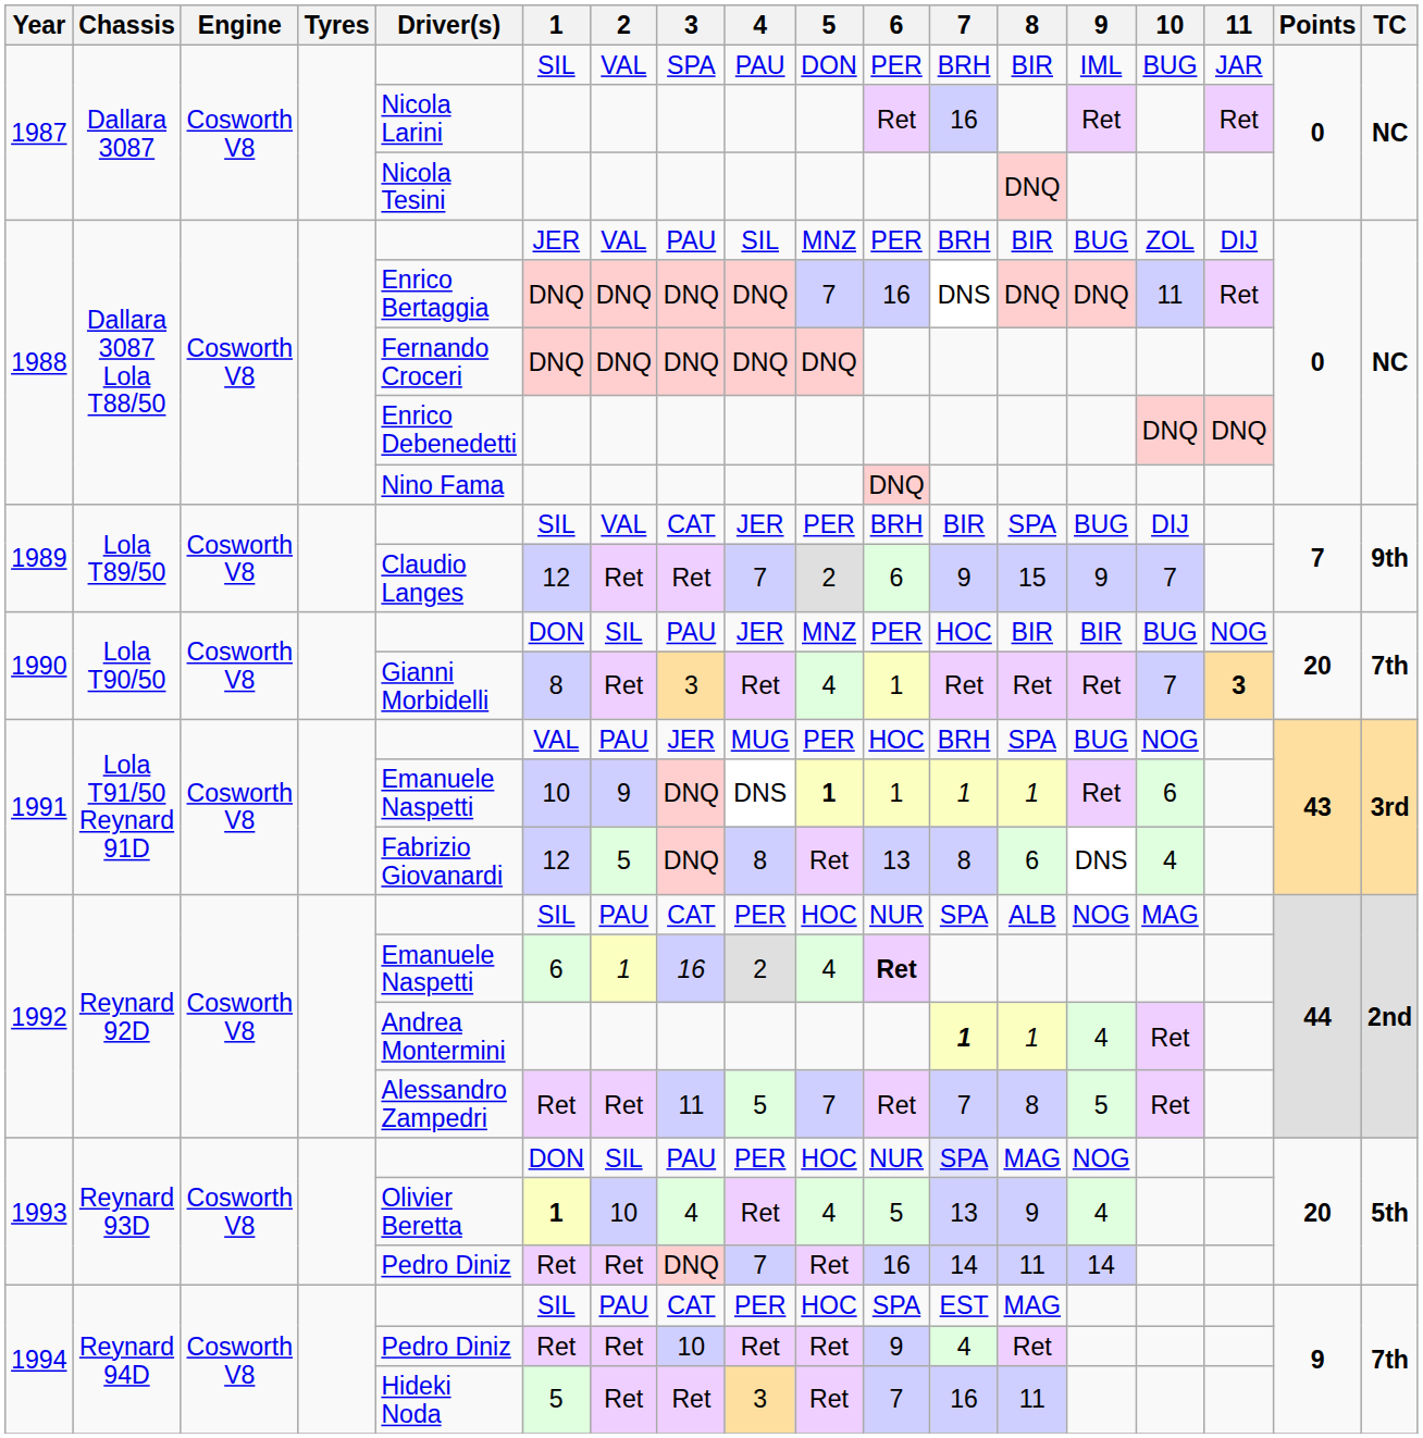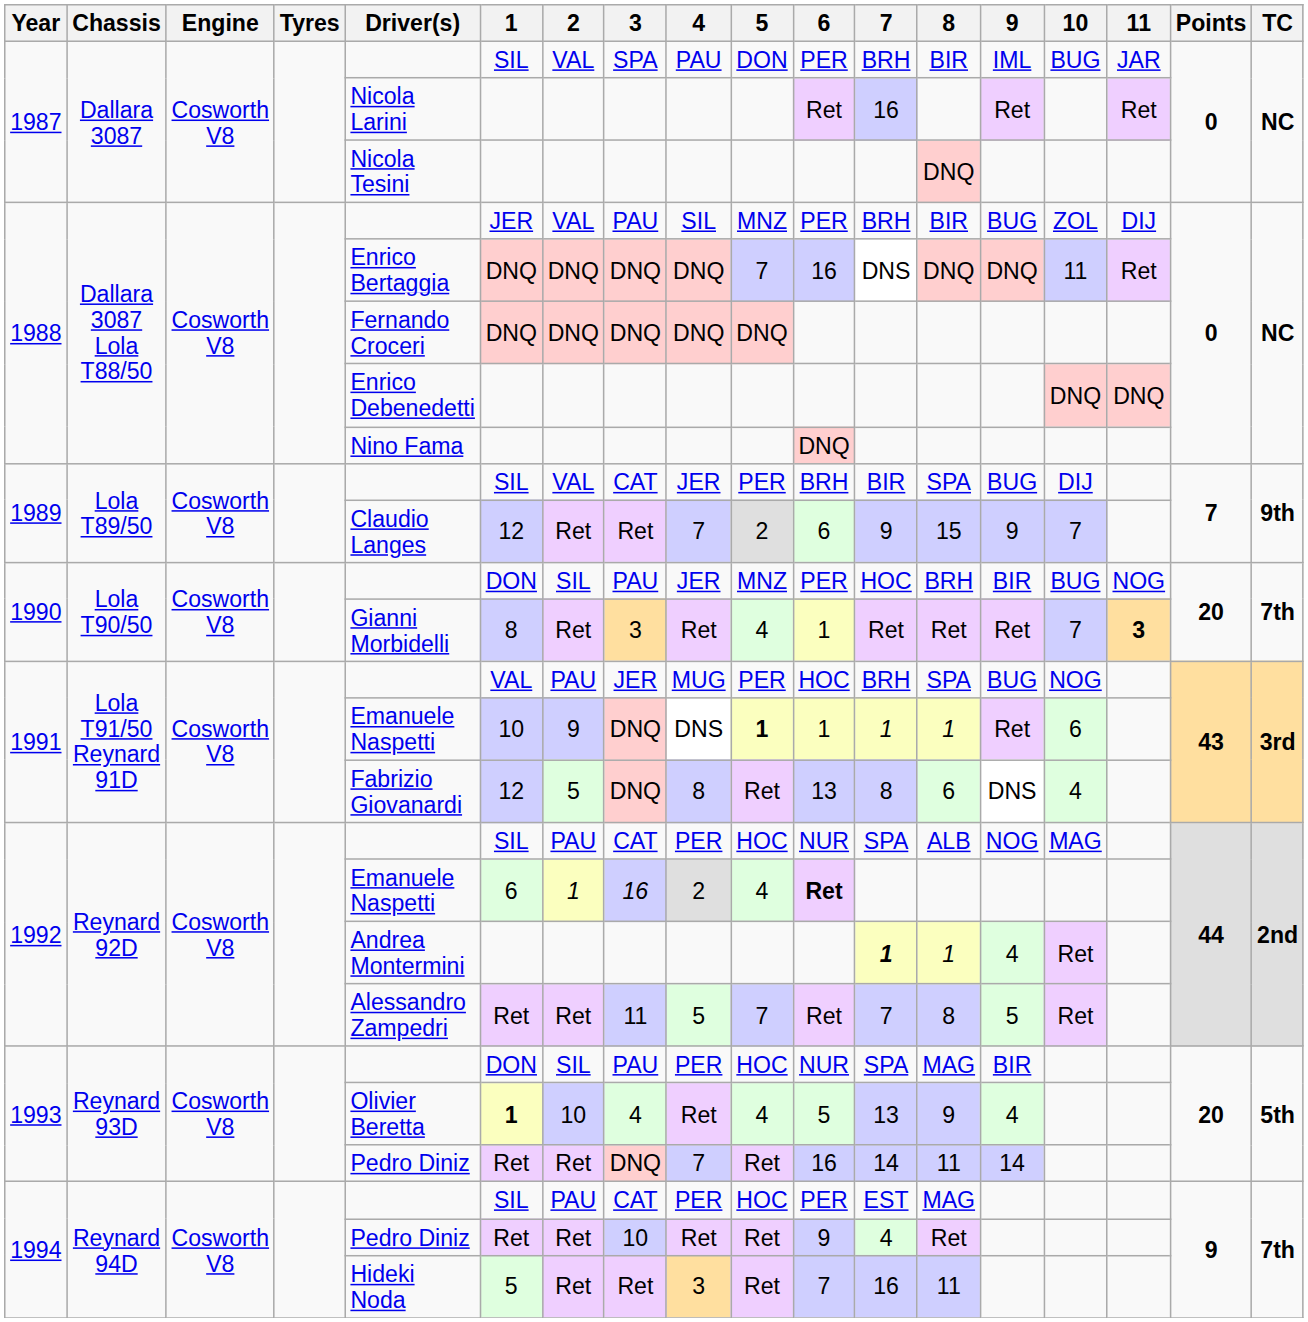 <table class="wikitable" style="text-align:center; font-size:95%">
 <tr>
 <th>Year</th>
 <th>Chassis</th>
 <th>Engine</th>
 <th>Tyres</th>
 <th>Driver(s)</th>
 <th>1</th>
 <th>2</th>
 <th>3</th>
 <th>4</th>
 <th>5</th>
 <th>6</th>
 <th>7</th>
 <th>8</th>
 <th>9</th>
 <th>10</th>
 <th>11</th>
 <th>Points</th>
 <th>TC</th>
 </tr>
 <tr>
 <td rowspan="3"><a href='#'>1987</a></td>
 <td rowspan="3"><a href='#'>Dallara 3087</a></td>
 <td rowspan="3"><a href='#'>Cosworth</a> <a href='#'>V8</a></td>
 <td rowspan="3"></td>
 <td></td>
 <td><a href='#'>SIL</a></td>
 <td><a href='#'>VAL</a></td>
 <td><a href='#'>SPA</a></td>
 <td><a href='#'>PAU</a></td>
 <td><a href='#'>DON</a></td>
 <td><a href='#'>PER</a></td>
 <td><a href='#'>BRH</a></td>
 <td><a href='#'>BIR</a></td>
 <td><a href='#'>IML</a></td>
 <td><a href='#'>BUG</a></td>
 <td><a href='#'>JAR</a></td>
 <td rowspan="3"><strong>0</strong></td>
 <td rowspan="3"><strong>NC</strong></td>
 </tr>
 <tr>
 <td align="left"> <a href='#'>Nicola Larini</a></td>
 <td></td>
 <td></td>
 <td></td>
 <td></td>
 <td></td>
 <td style="background:#EFCFFF;">Ret</td>
 <td style="background:#CFCFFF;">16</td>
 <td></td>
 <td style="background:#EFCFFF;">Ret</td>
 <td></td>
 <td style="background:#EFCFFF;">Ret</td>
 </tr>
 <tr>
 <td align="left"> <a href='#'>Nicola Tesini</a></td>
 <td></td>
 <td></td>
 <td></td>
 <td></td>
 <td></td>
 <td></td>
 <td></td>
 <td style="background:#FFCFCF;">DNQ</td>
 <td></td>
 <td></td>
 <td></td>
 </tr>
 <tr>
 <td rowspan="5"><a href='#'>1988</a></td>
 <td rowspan="5"><a href='#'>Dallara 3087</a><br><a href='#'>Lola T88/50</a></td>
 <td rowspan="5"><a href='#'>Cosworth</a> <a href='#'>V8</a></td>
 <td rowspan="5"></td>
 <td></td>
 <td><a href='#'>JER</a></td>
 <td><a href='#'>VAL</a></td>
 <td><a href='#'>PAU</a></td>
 <td><a href='#'>SIL</a></td>
 <td><a href='#'>MNZ</a></td>
 <td><a href='#'>PER</a></td>
 <td><a href='#'>BRH</a></td>
 <td><a href='#'>BIR</a></td>
 <td><a href='#'>BUG</a></td>
 <td><a href='#'>ZOL</a></td>
 <td><a href='#'>DIJ</a></td>
 <td rowspan="5"><strong>0</strong></td>
 <td rowspan="5"><strong>NC</strong></td>
 </tr>
 <tr>
 <td align="left"> <a href='#'>Enrico Bertaggia</a></td>
 <td style="background:#FFCFCF;">DNQ</td>
 <td style="background:#FFCFCF;">DNQ</td>
 <td style="background:#FFCFCF;">DNQ</td>
 <td style="background:#FFCFCF;">DNQ</td>
 <td style="background:#CFCFFF;">7</td>
 <td style="background:#CFCFFF;">16</td>
 <td style="background:#FFFFFF;">DNS</td>
 <td style="background:#FFCFCF;">DNQ</td>
 <td style="background:#FFCFCF;">DNQ</td>
 <td style="background:#CFCFFF;">11</td>
 <td style="background:#EFCFFF;">Ret</td>
 </tr>
 <tr>
 <td align="left"> <a href='#'>Fernando Croceri</a></td>
 <td style="background:#FFCFCF;">DNQ</td>
 <td style="background:#FFCFCF;">DNQ</td>
 <td style="background:#FFCFCF;">DNQ</td>
 <td style="background:#FFCFCF;">DNQ</td>
 <td style="background:#FFCFCF;">DNQ</td>
 <td></td>
 <td></td>
 <td></td>
 <td></td>
 <td></td>
 <td></td>
 </tr>
 <tr>
 <td align="left"> <a href='#'>Enrico Debenedetti</a></td>
 <td></td>
 <td></td>
 <td></td>
 <td></td>
 <td></td>
 <td></td>
 <td></td>
 <td></td>
 <td></td>
 <td style="background:#FFCFCF;">DNQ</td>
 <td style="background:#FFCFCF;">DNQ</td>
 </tr>
 <tr>
 <td align="left"> <a href='#'>Nino Fama</a></td>
 <td></td>
 <td></td>
 <td></td>
 <td></td>
 <td></td>
 <td style="background:#FFCFCF;">DNQ</td>
 <td></td>
 <td></td>
 <td></td>
 <td></td>
 <td></td>
 </tr>
 <tr>
 <td rowspan="2"><a href='#'>1989</a></td>
 <td rowspan="2"><a href='#'>Lola T89/50</a></td>
 <td rowspan="2"><a href='#'>Cosworth</a> <a href='#'>V8</a></td>
 <td rowspan="2"></td>
 <td></td>
 <td><a href='#'>SIL</a></td>
 <td><a href='#'>VAL</a></td>
 <td><a href='#'>CAT</a></td>
 <td><a href='#'>JER</a></td>
 <td><a href='#'>PER</a></td>
 <td><a href='#'>BRH</a></td>
 <td><a href='#'>BIR</a></td>
 <td><a href='#'>SPA</a></td>
 <td><a href='#'>BUG</a></td>
 <td><a href='#'>DIJ</a></td>
 <td></td>
 <td rowspan="2"><strong>7</strong></td>
 <td rowspan="2"><strong>9th</strong></td>
 </tr>
 <tr>
 <td align="left"> <a href='#'>Claudio Langes</a></td>
 <td style="background:#CFCFFF;">12</td>
 <td style="background:#EFCFFF;">Ret</td>
 <td style="background:#EFCFFF;">Ret</td>
 <td style="background:#CFCFFF;">7</td>
 <td style="background:#DFDFDF;">2</td>
 <td style="background:#DFFFDF;">6</td>
 <td style="background:#CFCFFF;">9</td>
 <td style="background:#CFCFFF;">15</td>
 <td style="background:#CFCFFF;">9</td>
 <td style="background:#CFCFFF;">7</td>
 <td></td>
 </tr>
 <tr>
 <td rowspan="2"><a href='#'>1990</a></td>
 <td rowspan="2"><a href='#'>Lola T90/50</a></td>
 <td rowspan="2"><a href='#'>Cosworth</a> <a href='#'>V8</a></td>
 <td rowspan="2"></td>
 <td></td>
 <td><a href='#'>DON</a></td>
 <td><a href='#'>SIL</a></td>
 <td><a href='#'>PAU</a></td>
 <td><a href='#'>JER</a></td>
 <td><a href='#'>MNZ</a></td>
 <td><a href='#'>PER</a></td>
 <td><a href='#'>HOC</a></td>
-<td><a href='#'>BIR</a></td>
+<td><a href='#'>BRH</a></td>
 <td><a href='#'>BIR</a></td>
 <td><a href='#'>BUG</a></td>
 <td><a href='#'>NOG</a></td>
 <td rowspan="2"><strong>20</strong></td>
 <td rowspan="2"><strong>7th</strong></td>
 </tr>
 <tr>
 <td align="left"> <a href='#'>Gianni Morbidelli</a></td>
 <td style="background:#CFCFFF;">8</td>
 <td style="background:#EFCFFF;">Ret</td>
 <td style="background:#FFDF9F;">3</td>
 <td style="background:#EFCFFF;">Ret</td>
 <td style="background:#DFFFDF;">4</td>
 <td style="background:#FBFFBF;">1</td>
 <td style="background:#EFCFFF;">Ret</td>
 <td style="background:#EFCFFF;">Ret</td>
 <td style="background:#EFCFFF;">Ret</td>
 <td style="background:#CFCFFF;">7</td>
 <td style="background:#FFDF9F;"><strong>3</strong></td>
 </tr>
 <tr>
 <td rowspan="3"><a href='#'>1991</a></td>
 <td rowspan="3"><a href='#'>Lola T91/50</a><br><a href='#'>Reynard 91D</a></td>
 <td rowspan="3"><a href='#'>Cosworth</a> <a href='#'>V8</a></td>
 <td rowspan="3"></td>
 <td></td>
 <td><a href='#'>VAL</a></td>
 <td><a href='#'>PAU</a></td>
 <td><a href='#'>JER</a></td>
 <td><a href='#'>MUG</a></td>
 <td><a href='#'>PER</a></td>
 <td><a href='#'>HOC</a></td>
 <td><a href='#'>BRH</a></td>
 <td><a href='#'>SPA</a></td>
 <td><a href='#'>BUG</a></td>
 <td><a href='#'>NOG</a></td>
 <td></td>
 <td rowspan="3" style="background:#FFDF9F;"><strong>43</strong></td>
 <td rowspan="3" style="background:#FFDF9F;"><strong>3rd</strong></td>
 </tr>
 <tr>
 <td align="left"> <a href='#'>Emanuele Naspetti</a></td>
 <td style="background:#CFCFFF;">10</td>
 <td style="background:#CFCFFF;">9</td>
 <td style="background:#FFCFCF;">DNQ</td>
 <td style="background:#FFFFFF;">DNS</td>
 <td style="background:#FBFFBF;"><strong>1</strong></td>
 <td style="background:#FBFFBF;">1</td>
 <td style="background:#FBFFBF;"><em>1</em></td>
 <td style="background:#FBFFBF;"><em>1</em></td>
 <td style="background:#EFCFFF;">Ret</td>
 <td style="background:#DFFFDF;">6</td>
 <td></td>
 </tr>
 <tr>
 <td align="left"> <a href='#'>Fabrizio Giovanardi</a></td>
 <td style="background:#CFCFFF;">12</td>
 <td style="background:#DFFFDF;">5</td>
 <td style="background:#FFCFCF;">DNQ</td>
 <td style="background:#CFCFFF;">8</td>
 <td style="background:#EFCFFF;">Ret</td>
 <td style="background:#CFCFFF;">13</td>
 <td style="background:#CFCFFF;">8</td>
 <td style="background:#DFFFDF;">6</td>
 <td style="background:#FFFFFF;">DNS</td>
 <td style="background:#DFFFDF;">4</td>
 <td></td>
 </tr>
 <tr>
 <td rowspan="4"><a href='#'>1992</a></td>
 <td rowspan="4"><a href='#'>Reynard 92D</a></td>
 <td rowspan="4"><a href='#'>Cosworth</a> <a href='#'>V8</a></td>
 <td rowspan="4"></td>
 <td></td>
 <td><a href='#'>SIL</a></td>
 <td><a href='#'>PAU</a></td>
 <td><a href='#'>CAT</a></td>
 <td><a href='#'>PER</a></td>
 <td><a href='#'>HOC</a></td>
 <td><a href='#'>NUR</a></td>
 <td><a href='#'>SPA</a></td>
 <td><a href='#'>ALB</a></td>
 <td><a href='#'>NOG</a></td>
 <td><a href='#'>MAG</a></td>
 <td></td>
 <td rowspan="4" style="background:#DFDFDF;"><strong>44</strong></td>
 <td rowspan="4" style="background:#DFDFDF;"><strong>2nd</strong></td>
 </tr>
 <tr>
 <td align="left"> <a href='#'>Emanuele Naspetti</a></td>
 <td style="background:#DFFFDF;">6</td>
 <td style="background:#FBFFBF;"><em>1</em></td>
 <td style="background:#CFCFFF;"><em>16</em></td>
 <td style="background:#DFDFDF;">2</td>
 <td style="background:#DFFFDF;">4</td>
 <td style="background:#EFCFFF;"><strong>Ret</strong></td>
 <td></td>
 <td></td>
 <td></td>
 <td></td>
 <td></td>
 </tr>
 <tr>
 <td align="left"> <a href='#'>Andrea Montermini</a></td>
 <td></td>
 <td></td>
 <td></td>
 <td></td>
 <td></td>
 <td></td>
 <td style="background:#FBFFBF;"><strong><em>1</em></strong></td>
 <td style="background:#FBFFBF;"><em>1</em></td>
 <td style="background:#DFFFDF;">4</td>
 <td style="background:#EFCFFF;">Ret</td>
 <td></td>
 </tr>
 <tr>
 <td align="left"> <a href='#'>Alessandro Zampedri</a></td>
 <td style="background:#EFCFFF;">Ret</td>
 <td style="background:#EFCFFF;">Ret</td>
 <td style="background:#CFCFFF;">11</td>
 <td style="background:#DFFFDF;">5</td>
 <td style="background:#CFCFFF;">7</td>
 <td style="background:#EFCFFF;">Ret</td>
 <td style="background:#CFCFFF;">7</td>
 <td style="background:#CFCFFF;">8</td>
 <td style="background:#DFFFDF;">5</td>
 <td style="background:#EFCFFF;">Ret</td>
 <td></td>
 </tr>
 <tr>
 <td rowspan="3"><a href='#'>1993</a></td>
 <td rowspan="3"><a href='#'>Reynard 93D</a></td>
 <td rowspan="3"><a href='#'>Cosworth</a> <a href='#'>V8</a></td>
 <td rowspan="3"></td>
 <td></td>
 <td><a href='#'>DON</a></td>
 <td><a href='#'>SIL</a></td>
 <td><a href='#'>PAU</a></td>
 <td><a href='#'>PER</a></td>
 <td><a href='#'>HOC</a></td>
 <td><a href='#'>NUR</a></td>
-<td style="background: lavender;"><a href='#'>SPA</a></td>
+<td><a href='#'>SPA</a></td>
 <td><a href='#'>MAG</a></td>
-<td><a href='#'>NOG</a></td>
+<td><a href='#'>BIR</a></td>
 <td></td>
 <td></td>
 <td rowspan="3"><strong>20</strong></td>
 <td rowspan="3"><strong>5th</strong></td>
 </tr>
 <tr>
 <td align="left"> <a href='#'>Olivier Beretta</a></td>
 <td style="background:#FBFFBF;"><strong>1</strong></td>
 <td style="background:#CFCFFF;">10</td>
 <td style="background:#DFFFDF;">4</td>
 <td style="background:#EFCFFF;">Ret</td>
 <td style="background:#DFFFDF;">4</td>
 <td style="background:#DFFFDF;">5</td>
 <td style="background:#CFCFFF;">13</td>
 <td style="background:#CFCFFF;">9</td>
 <td style="background:#DFFFDF;">4</td>
 <td></td>
 <td></td>
 </tr>
 <tr>
 <td align="left"> <a href='#'>Pedro Diniz</a></td>
 <td style="background:#EFCFFF;">Ret</td>
 <td style="background:#EFCFFF;">Ret</td>
 <td style="background:#FFCFCF;">DNQ</td>
 <td style="background:#CFCFFF;">7</td>
 <td style="background:#EFCFFF;">Ret</td>
 <td style="background:#CFCFFF;">16</td>
 <td style="background:#CFCFFF;">14</td>
 <td style="background:#CFCFFF;">11</td>
 <td style="background:#CFCFFF;">14</td>
 <td></td>
 <td></td>
 </tr>
 <tr>
 <td rowspan="3"><a href='#'>1994</a></td>
 <td rowspan="3"><a href='#'>Reynard 94D</a></td>
 <td rowspan="3"><a href='#'>Cosworth</a> <a href='#'>V8</a></td>
 <td rowspan="3"></td>
 <td></td>
 <td><a href='#'>SIL</a></td>
 <td><a href='#'>PAU</a></td>
 <td><a href='#'>CAT</a></td>
 <td><a href='#'>PER</a></td>
 <td><a href='#'>HOC</a></td>
-<td><a href='#'>SPA</a></td>
+<td><a href='#'>PER</a></td>
 <td><a href='#'>EST</a></td>
 <td><a href='#'>MAG</a></td>
 <td></td>
 <td></td>
 <td></td>
 <td rowspan="3"><strong>9</strong></td>
 <td rowspan="3"><strong>7th</strong></td>
 </tr>
 <tr>
 <td align="left"> <a href='#'>Pedro Diniz</a></td>
 <td style="background:#EFCFFF;">Ret</td>
 <td style="background:#EFCFFF;">Ret</td>
 <td style="background:#CFCFFF;">10</td>
 <td style="background:#EFCFFF;">Ret</td>
 <td style="background:#EFCFFF;">Ret</td>
 <td style="background:#CFCFFF;">9</td>
 <td style="background:#DFFFDF;">4</td>
 <td style="background:#EFCFFF;">Ret</td>
 <td></td>
 <td></td>
 <td></td>
 </tr>
 <tr>
 <td align="left"> <a href='#'>Hideki Noda</a></td>
 <td style="background:#DFFFDF;">5</td>
 <td style="background:#EFCFFF;">Ret</td>
 <td style="background:#EFCFFF;">Ret</td>
 <td style="background:#FFDF9F;">3</td>
 <td style="background:#EFCFFF;">Ret</td>
 <td style="background:#CFCFFF;">7</td>
 <td style="background:#CFCFFF;">16</td>
 <td style="background:#CFCFFF;">11</td>
 <td></td>
 <td></td>
 <td></td>
 </tr>
 </table>
